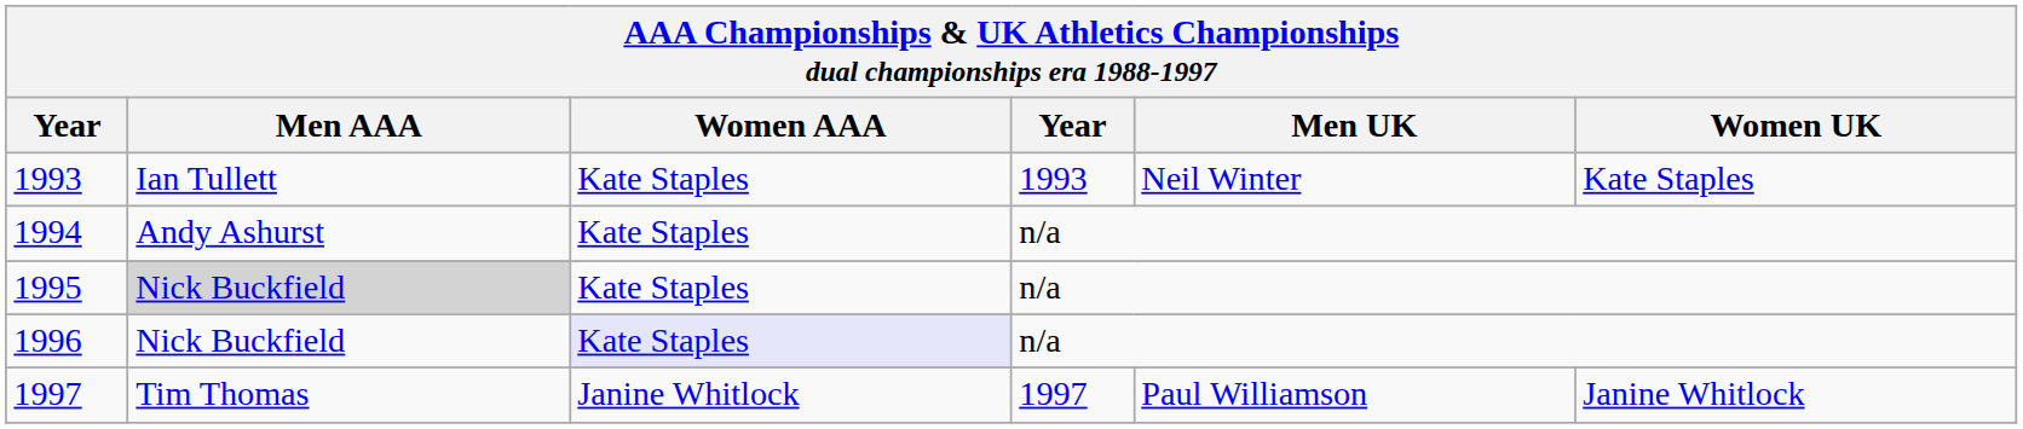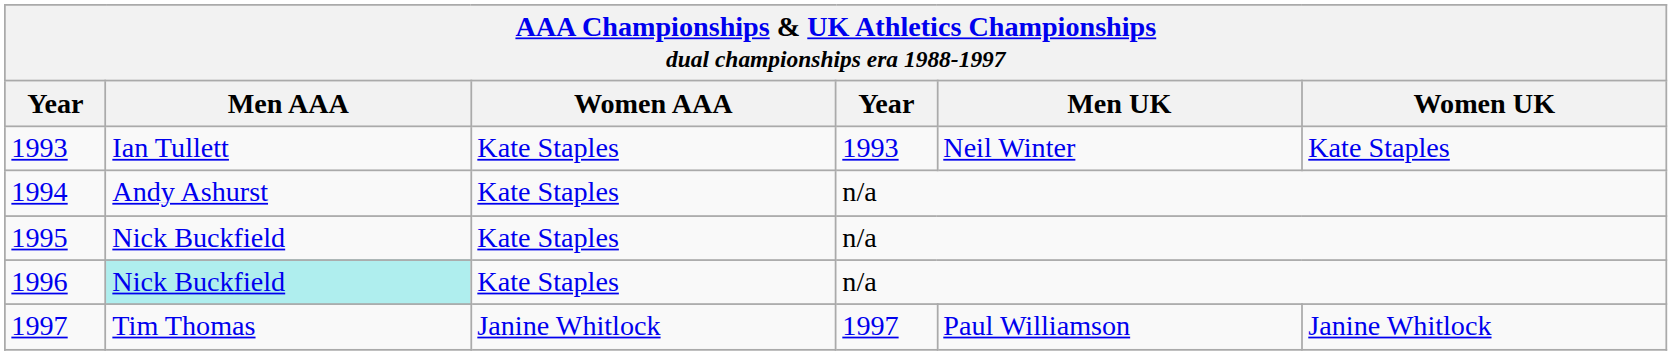 <table class="wikitable">
 <tr>
 <th colspan="6"><a href='#'>AAA Championships</a> & <a href='#'>UK Athletics Championships</a><br><em><small>dual championships era 1988-1997</small></em></th>
 </tr>
 <tr>
 <th width=50>Year</th>
 <th width=200>Men AAA</th>
 <th width=200>Women AAA</th>
 <th width=50>Year</th>
 <th width=200>Men UK</th>
 <th width=200>Women UK</th>
 </tr>
 <tr>
 <td><a href='#'>1993</a></td>
 <td><a href='#'>Ian Tullett</a></td>
 <td><a href='#'>Kate Staples</a></td>
 <td><a href='#'>1993</a></td>
 <td><a href='#'>Neil Winter</a></td>
 <td><a href='#'>Kate Staples</a></td>
 </tr>
 <tr>
 <td><a href='#'>1994</a></td>
 <td><a href='#'>Andy Ashurst</a></td>
 <td><a href='#'>Kate Staples</a></td>
 <td colspan=3>n/a</td>
 </tr>
 <tr>
 <td><a href='#'>1995</a></td>
-<td style="background: lightgrey;"><a href='#'>Nick Buckfield</a></td>
+<td><a href='#'>Nick Buckfield</a></td>
 <td><a href='#'>Kate Staples</a></td>
 <td colspan=3>n/a</td>
 </tr>
 <tr>
 <td><a href='#'>1996</a></td>
-<td><a href='#'>Nick Buckfield</a></td>
-<td style="background: lavender;"><a href='#'>Kate Staples</a></td>
+<td style="background: paleturquoise;"><a href='#'>Nick Buckfield</a></td>
+<td><a href='#'>Kate Staples</a></td>
 <td colspan=3>n/a</td>
 </tr>
 <tr>
 <td><a href='#'>1997</a></td>
 <td><a href='#'>Tim Thomas</a></td>
 <td><a href='#'>Janine Whitlock</a></td>
 <td><a href='#'>1997</a></td>
 <td><a href='#'>Paul Williamson</a></td>
 <td><a href='#'>Janine Whitlock</a></td>
 </tr>
 </table>
